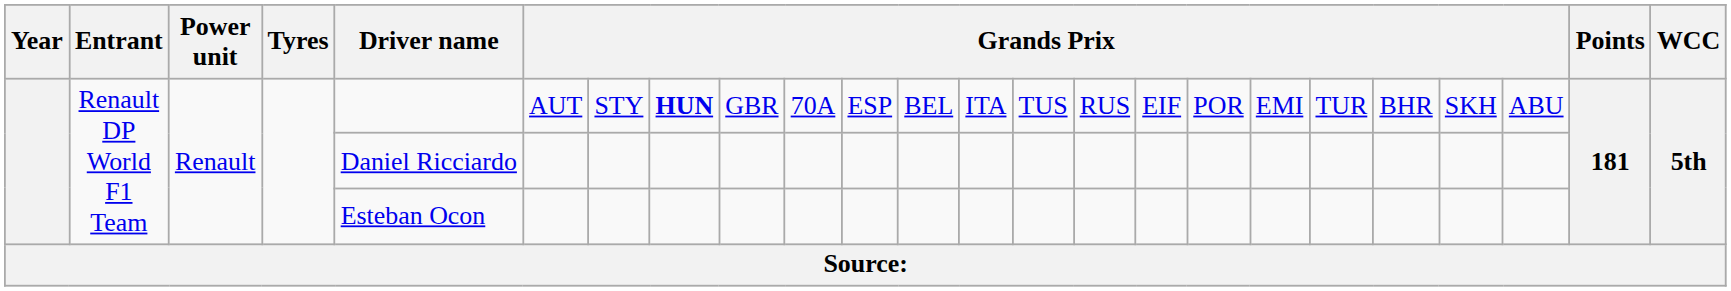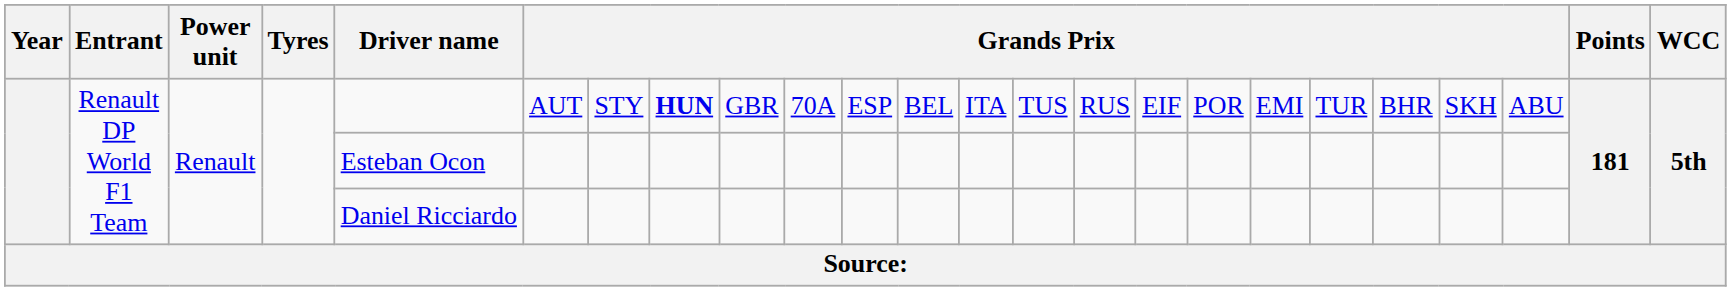 <table class="wikitable" style="text-align:center; font-size:90%">
 <tr>
 <th>Year</th>
 <th>Entrant</th>
 <th>Power unit</th>
 <th>Tyres</th>
 <th>Driver name</th>
 <th colspan="17">Grands Prix</th>
 <th>Points</th>
 <th>WCC</th>
 </tr>
 <tr>
 <th rowspan="3"></th>
 <td rowspan="3"><a href='#'>Renault DP World F1 Team</a></td>
 <td rowspan="3"><a href='#'>Renault</a><br></td>
 <td rowspan="3"></td>
 <td></td>
 <td><a href='#'>AUT</a></td>
 <td><a href='#'>STY</a></td>
 <td><strong><a href='#'>HUN</a></strong></td>
 <td><a href='#'>GBR</a></td>
 <td><a href='#'>70A</a></td>
 <td><a href='#'>ESP</a></td>
 <td><a href='#'>BEL</a></td>
 <td><a href='#'>ITA</a></td>
 <td><a href='#'>TUS</a></td>
 <td><a href='#'>RUS</a></td>
 <td><a href='#'>EIF</a></td>
 <td><a href='#'>POR</a></td>
 <td><a href='#'>EMI</a></td>
 <td><a href='#'>TUR</a></td>
 <td><a href='#'>BHR</a></td>
 <td><a href='#'>SKH</a></td>
 <td><a href='#'>ABU</a></td>
 <th rowspan="3">181</th>
 <th rowspan="3">5th</th>
 </tr>
 <tr>
-<td nowrap align=left><a href='#'>Daniel Ricciardo</a></td>
+<td align=left><a href='#'>Esteban Ocon</a></td>
 <td></td>
 <td></td>
 <td></td>
 <td></td>
 <td></td>
 <td></td>
 <td></td>
 <td></td>
 <td></td>
 <td></td>
 <td></td>
 <td></td>
 <td></td>
 <td></td>
 <td></td>
 <td></td>
 <td></td>
 </tr>
 <tr>
-<td align=left><a href='#'>Esteban Ocon</a></td>
+<td nowrap align=left><a href='#'>Daniel Ricciardo</a></td>
 <td></td>
 <td></td>
 <td></td>
 <td></td>
 <td></td>
 <td></td>
 <td></td>
 <td></td>
 <td></td>
 <td></td>
 <td></td>
 <td></td>
 <td></td>
 <td></td>
 <td></td>
 <td></td>
 <td></td>
 </tr>
 <tr>
 <th colspan=24>Source:</th>
 </tr>
 </table>
